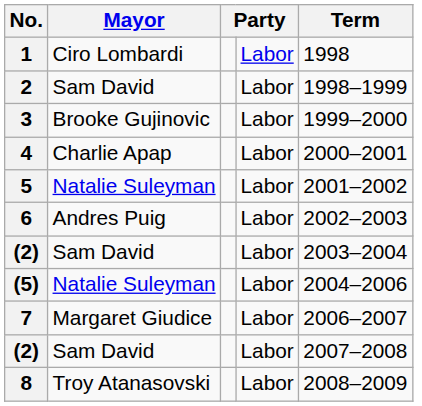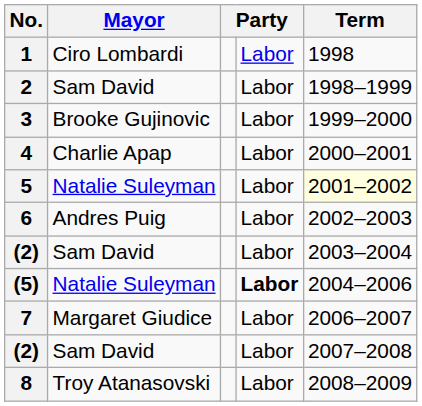 <table class="wikitable">
 <tr>
 <th>No.</th>
 <th><a href='#'>Mayor</a></th>
 <th colspan="2">Party</th>
 <th>Term</th>
 </tr>
 <tr>
 <th style="text-align:center">1</th>
 <td>Ciro Lombardi</td>
 <td> </td>
 <td><a href='#'>Labor</a></td>
 <td>1998</td>
 </tr>
 <tr>
 <th style="text-align:center">2</th>
 <td>Sam David </td>
 <td> </td>
 <td>Labor</td>
 <td>1998–1999</td>
 </tr>
 <tr>
 <th style="text-align:center">3</th>
 <td>Brooke Gujinovic</td>
 <td> </td>
 <td>Labor</td>
 <td>1999–2000</td>
 </tr>
 <tr>
 <th style="text-align:center">4</th>
 <td>Charlie Apap</td>
 <td> </td>
 <td>Labor</td>
 <td>2000–2001</td>
 </tr>
 <tr>
 <th style="text-align:center">5</th>
 <td><a href='#'>Natalie Suleyman</a></td>
 <td> </td>
 <td>Labor</td>
-<td>2001–2002</td>
+<td style="background: lightyellow;">2001–2002</td>
 </tr>
 <tr>
 <th style="text-align:center">6</th>
 <td>Andres Puig</td>
 <td> </td>
 <td>Labor</td>
 <td>2002–2003</td>
 </tr>
 <tr>
 <th style="text-align:center">(2)</th>
 <td>Sam David </td>
 <td> </td>
 <td>Labor</td>
 <td>2003–2004</td>
 </tr>
 <tr>
 <th style="text-align:center">(5)</th>
 <td><a href='#'>Natalie Suleyman</a></td>
 <td> </td>
-<td>Labor</td>
+<td><strong>Labor</strong></td>
 <td>2004–2006</td>
 </tr>
 <tr>
 <th style="text-align:center">7</th>
 <td>Margaret Giudice</td>
 <td> </td>
 <td>Labor</td>
 <td>2006–2007</td>
 </tr>
 <tr>
 <th style="text-align:center">(2)</th>
 <td>Sam David </td>
 <td> </td>
 <td>Labor</td>
 <td>2007–2008</td>
 </tr>
 <tr>
 <th style="text-align:center">8</th>
 <td>Troy Atanasovski </td>
 <td> </td>
 <td>Labor</td>
 <td>2008–2009</td>
 </tr>
 </table>
